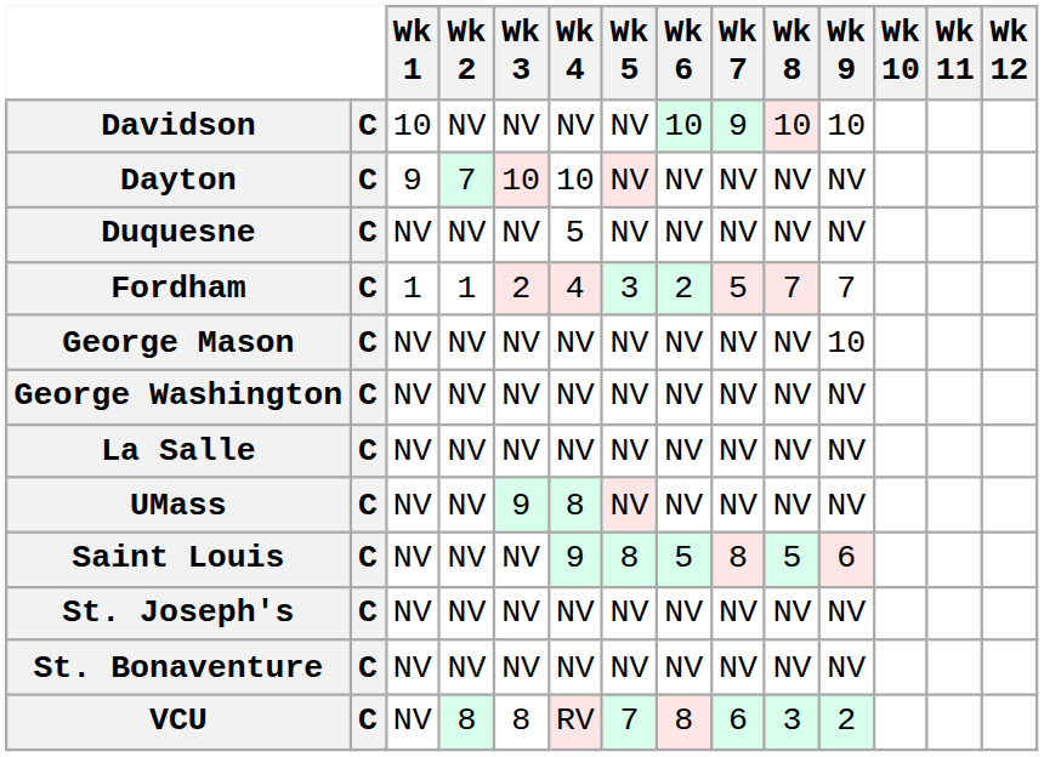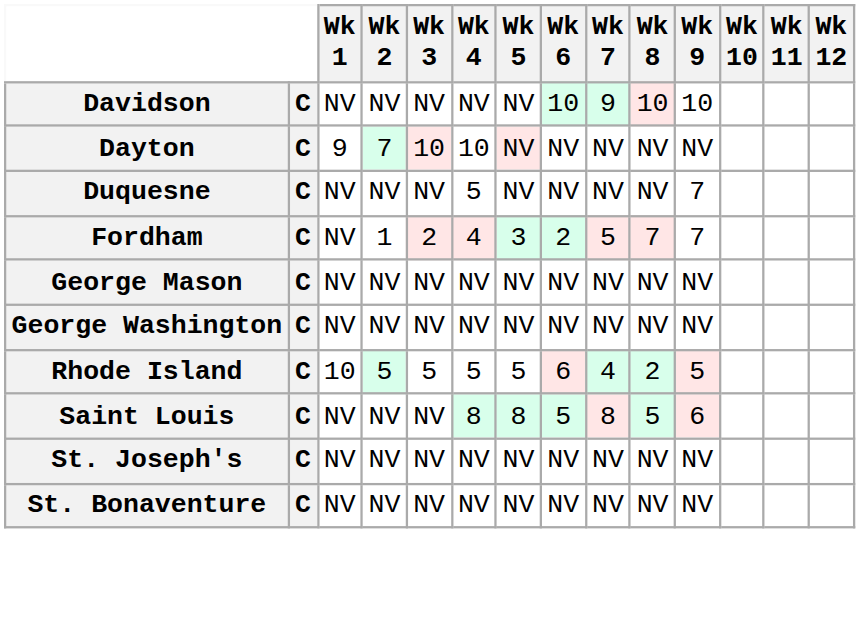 <table class="wikitable" style="white-space:nowrap;font-size:90%;">
 <tr>
 <th colspan=2 style="background:white; border-top-style:hidden; border-left-style:hidden;"> </th>
 <th>Wk<br>1</th>
 <th>Wk<br>2</th>
 <th>Wk<br>3</th>
 <th>Wk<br>4</th>
 <th>Wk<br>5</th>
 <th>Wk<br>6</th>
 <th>Wk<br>7</th>
 <th>Wk<br>8</th>
 <th>Wk<br>9</th>
 <th>Wk<br>10</th>
 <th>Wk<br>11</th>
 <th>Wk<br>12</th>
 </tr>
 <tr style="text-align:center;">
 <th>Davidson</th>
 <th>C</th>
-<td style="background:#FFF;"> 10</td>
+<td style="background:#FFF;"> NV</td>
 <td style="background:#FFF;"> NV</td>
 <td style="background:#FFF;"> NV</td>
 <td style="background:#FFF;"> NV</td>
 <td style="background:#FFF;"> NV</td>
 <td style="background:#D8FFEB;"> 10</td>
 <td style="background:#D8FFEB;"> 9</td>
 <td style="background:#ffe6e6;"> 10</td>
 <td style="background:#FFF;"> 10</td>
 <td style="background:#FFF;"></td>
 <td style="background:#FFF;"></td>
 <td style="background:#FFF;"></td>
 </tr>
 <tr style="text-align:center;">
 <th>Dayton</th>
 <th>C</th>
 <td style="background:#FFF;"> 9</td>
 <td style="background:#D8FFEB;"> 7</td>
 <td style="background:#ffe6e6;"> 10</td>
 <td style="background:#FFF;"> 10</td>
 <td style="background:#ffe6e6;"> NV</td>
 <td style="background:#FFF;"> NV</td>
 <td style="background:#FFF;"> NV</td>
 <td style="background:#FFF;"> NV</td>
 <td style="background:#FFF;"> NV</td>
 <td style="background:#FFF;"></td>
 <td style="background:#FFF;"></td>
 <td style="background:#FFF;"></td>
 </tr>
 <tr style="text-align:center;">
 <th>Duquesne</th>
 <th>C</th>
 <td style="background:#FFF;"> NV</td>
 <td style="background:#FFF;"> NV</td>
 <td style="background:#FFF;"> NV</td>
 <td style="background:#FFF;"> 5</td>
 <td style="background:#FFF;"> NV</td>
 <td style="background:#FFF;"> NV</td>
 <td style="background:#FFF;"> NV</td>
 <td style="background:#FFF;"> NV</td>
-<td style="background:#FFF;"> NV</td>
+<td style="background:#FFF;"> 7</td>
 <td style="background:#FFF;"></td>
 <td style="background:#FFF;"></td>
 <td style="background:#FFF;"></td>
 </tr>
 <tr style="text-align:center;">
 <th>Fordham</th>
 <th>C</th>
-<td style="background:#FFF;"> 1</td>
+<td style="background:#FFF;"> NV</td>
 <td style="background:#FFF;"> 1</td>
 <td style="background:#ffe6e6;"> 2</td>
 <td style="background:#ffe6e6;"> 4</td>
 <td style="background:#D8FFEB;"> 3</td>
 <td style="background:#D8FFEB;"> 2</td>
 <td style="background:#ffe6e6;"> 5</td>
 <td style="background:#ffe6e6;"> 7</td>
 <td style="background:#FFF;"> 7</td>
 <td style="background:#FFF;"></td>
 <td style="background:#FFF;"></td>
 <td style="background:#FFF;"></td>
 </tr>
 <tr style="text-align:center;">
 <th>George Mason</th>
 <th>C</th>
 <td style="background:#FFF;"> NV</td>
 <td style="background:#FFF;"> NV</td>
 <td style="background:#FFF;"> NV</td>
 <td style="background:#FFF;"> NV</td>
 <td style="background:#FFF;"> NV</td>
 <td style="background:#FFF;"> NV</td>
 <td style="background:#FFF;"> NV</td>
 <td style="background:#FFF;"> NV</td>
-<td style="background:#FFF;"> 10</td>
+<td style="background:#FFF;"> NV</td>
 <td style="background:#FFF;"></td>
 <td style="background:#FFF;"></td>
 <td style="background:#FFF;"></td>
 </tr>
 <tr style="text-align:center;">
 <th>George Washington</th>
 <th>C</th>
 <td style="background:#FFF;"> NV</td>
 <td style="background:#FFF;"> NV</td>
 <td style="background:#FFF;"> NV</td>
 <td style="background:#FFF;"> NV</td>
 <td style="background:#FFF;"> NV</td>
 <td style="background:#FFF;"> NV</td>
 <td style="background:#FFF;"> NV</td>
 <td style="background:#FFF;"> NV</td>
 <td style="background:#FFF;"> NV</td>
 <td style="background:#FFF;"></td>
 <td style="background:#FFF;"></td>
 <td style="background:#FFF;"></td>
 </tr>
 <tr style="text-align:center;">
-<th>La Salle</th>
+<th>Rhode Island</th>
 <th>C</th>
-<td style="background:#FFF;"> NV</td>
-<td style="background:#FFF;"> NV</td>
-<td style="background:#FFF;"> NV</td>
-<td style="background:#FFF;"> NV</td>
-<td style="background:#FFF;"> NV</td>
-<td style="background:#FFF;"> NV</td>
-<td style="background:#FFF;"> NV</td>
-<td style="background:#FFF;"> NV</td>
-<td style="background:#FFF;"> NV</td>
-<td style="background:#FFF;"></td>
-<td style="background:#FFF;"></td>
-<td style="background:#FFF;"></td>
-</tr>
-<tr style="text-align:center;">
-<th>UMass</th>
-<th>C</th>
-<td style="background:#FFF;"> NV</td>
-<td style="background:#FFF;"> NV</td>
-<td style="background:#d8ffeb;"> 9</td>
-<td style="background:#D8FFEB;"> 8</td>
-<td style="background:#ffe6e6;"> NV</td>
-<td style="background:#FFF;"> NV</td>
-<td style="background:#FFF;"> NV</td>
-<td style="background:#FFF;"> NV</td>
-<td style="background:#FFF;"> NV</td>
+<td style="background:#FFF;"> 10</td>
+<td style="background:#D8FFEB;"> 5</td>
+<td style="background:#FFF;"> 5</td>
+<td style="background:#FFF;"> 5</td>
+<td style="background:#FFF;"> 5</td>
+<td style="background:#ffe6e6;"> 6</td>
+<td style="background:#D8FFEB;"> 4</td>
+<td style="background:#D8FFEB;"> 2</td>
+<td style="background:#ffe6e6;"> 5</td>
 <td style="background:#FFF;"></td>
 <td style="background:#FFF;"></td>
 <td style="background:#FFF;"></td>
 </tr>
 <tr style="text-align:center;">
 <th>Saint Louis</th>
 <th>C</th>
 <td style="background:#FFF;"> NV</td>
 <td style="background:#FFF;"> NV</td>
 <td style="background:#FFF;"> NV</td>
-<td style="background:#D8FFEB;"> 9</td>
+<td style="background:#D8FFEB;"> 8</td>
 <td style="background:#D8FFEB;"> 8</td>
 <td style="background:#D8FFEB;"> 5</td>
 <td style="background:#ffe6e6;"> 8</td>
 <td style="background:#D8FFEB;"> 5</td>
 <td style="background:#ffe6e6;"> 6</td>
 <td style="background:#FFF;"></td>
 <td style="background:#FFF;"></td>
 <td style="background:#FFF;"></td>
 </tr>
 <tr style="text-align:center;">
 <th>St. Joseph's</th>
 <th>C</th>
 <td style="background:#FFF;"> NV</td>
 <td style="background:#FFF;"> NV</td>
 <td style="background:#FFF;"> NV</td>
 <td style="background:#FFF;"> NV</td>
 <td style="background:#FFF;"> NV</td>
 <td style="background:#FFF;"> NV</td>
 <td style="background:#FFF;"> NV</td>
 <td style="background:#FFF;"> NV</td>
 <td style="background:#FFF;"> NV</td>
 <td style="background:#FFF;"></td>
 <td style="background:#FFF;"></td>
 <td style="background:#FFF;"></td>
 </tr>
 <tr style="text-align:center;">
 <th>St. Bonaventure</th>
 <th>C</th>
 <td style="background:#FFF;"> NV</td>
 <td style="background:#FFF;"> NV</td>
 <td style="background:#FFF;"> NV</td>
 <td style="background:#FFF;"> NV</td>
 <td style="background:#FFF;"> NV</td>
 <td style="background:#FFF;"> NV</td>
 <td style="background:#FFF;"> NV</td>
 <td style="background:#FFF;"> NV</td>
 <td style="background:#FFF;"> NV</td>
 <td style="background:#FFF;"></td>
 <td style="background:#FFF;"></td>
 <td style="background:#FFF;"></td>
 </tr>
-<tr style="text-align:center;">
-<th>VCU</th>
-<th>C</th>
-<td style="background:#FFF;"> NV</td>
-<td style="background:#D8FFEB;"> 8</td>
-<td style="background:#FFF;"> 8</td>
-<td style="background:#ffe6e6;"> RV</td>
-<td style="background:#D8FFEB;"> 7</td>
-<td style="background:#ffe6e6;"> 8</td>
-<td style="background:#D8FFEB;"> 6</td>
-<td style="background:#D8FFEB;"> 3</td>
-<td style="background:#D8FFEB;"> 2</td>
-<td style="background:#FFF;"></td>
-<td style="background:#FFF;"></td>
-<td style="background:#FFF;"></td>
-</tr>
 </table>
